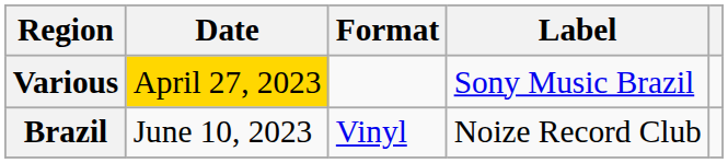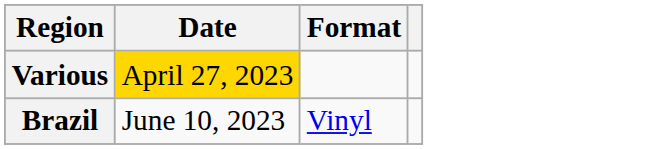 <table class="wikitable plainrowheaders">
 <tr>
 <th scope="col">Region</th>
 <th scope="col">Date</th>
 <th scope="col">Format</th>
-<th scope="col">Label</th>
 <th scope="col" class="unsortable"></th>
 </tr>
 <tr>
 <th scope="row">Various</th>
 <td style="background: gold;">April 27, 2023</td>
 <td></td>
-<td><a href='#'>Sony Music Brazil</a></td>
 <td></td>
 </tr>
 <tr>
 <th scope="row">Brazil</th>
 <td>June 10, 2023</td>
 <td><a href='#'>Vinyl</a></td>
-<td>Noize Record Club</td>
 <td></td>
 </tr>
 </table>
